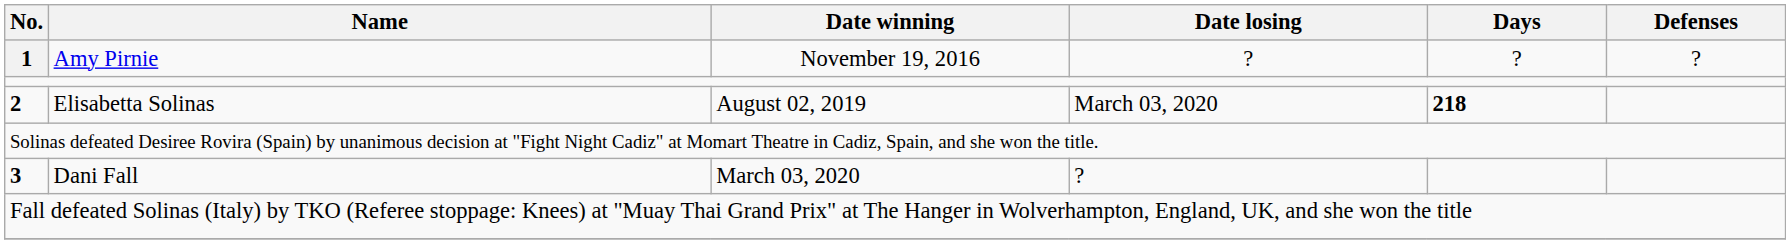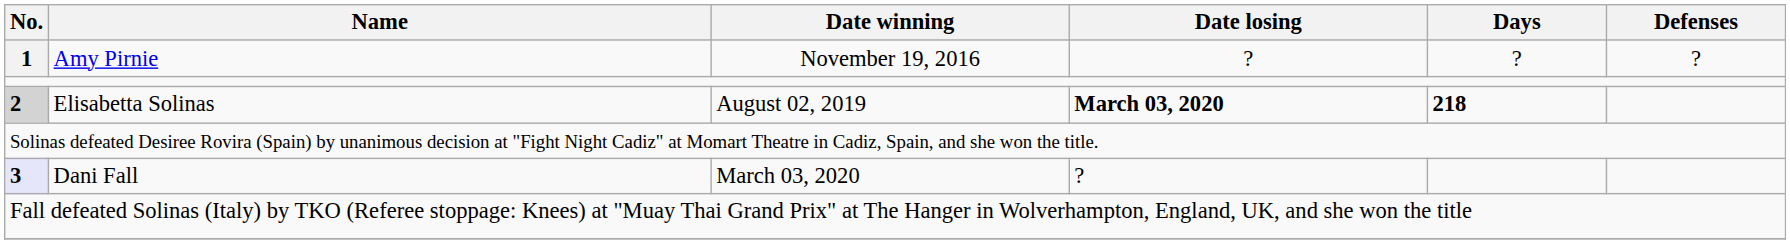 <table class="wikitable" width=100%>
 <tr>
 <th style="width:1%;">No.</th>
 <th style="width:37%;">Name</th>
 <th style="width:20%;">Date winning</th>
 <th style="width:20%;">Date losing</th>
 <th data-sort-type="number" style="width:10%;">Days</th>
 <th data-sort-type="number" style="width:10%;">Defenses</th>
 </tr>
 <tr align=center>
 <th>1</th>
 <td align=left> <a href='#'>Amy Pirnie</a></td>
 <td>November 19, 2016</td>
 <td>?</td>
 <td>?</td>
 <td>?</td>
 </tr>
 <tr>
 <td colspan="6"></td>
 </tr>
 <tr>
-<td><strong>2</strong></td>
+<td style="background: lightgrey;"><strong>2</strong></td>
 <td> Elisabetta Solinas</td>
 <td>August 02, 2019</td>
-<td>March 03, 2020</td>
+<td><strong>March 03, 2020</strong></td>
 <td><strong>218</strong></td>
 <td></td>
 </tr>
 <tr>
 <td colspan="6"><small>Solinas defeated Desiree Rovira (Spain) by unanimous decision at "Fight Night Cadiz" at Momart Theatre in Cadiz, Spain, and she won the title.</small></td>
 </tr>
 <tr>
-<td><strong>3</strong></td>
+<td style="background: lavender;"><strong>3</strong></td>
 <td>  Dani Fall</td>
 <td>March 03, 2020</td>
 <td>?</td>
 <td></td>
 <td></td>
 </tr>
 <tr>
 <td colspan="6"><sup><big>Fall defeated Solinas (Italy) by TKO (Referee stoppage: Knees) at "Muay Thai Grand Prix" at The Hanger in Wolverhampton, England, UK, and she won the title</big></sup></td>
 </tr>
 <tr>
 </tr>
 </table>
